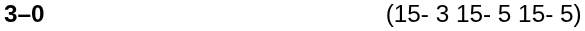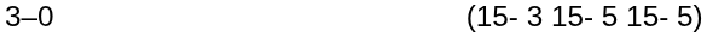 <table>
 <tr>
 <th width=200></th>
 <th width=200></th>
 <th width=80></th>
 <th width=200></th>
 <th width=220></th>
 </tr>
 <tr>
 <td align=right></td>
 <td align=right><strong></strong></td>
-<td align=center><strong>3–0</strong></td>
+<td align=center>3–0</td>
 <td></td>
 <td>(15- 3 15- 5 15- 5)</td>
 </tr>
 </table>
